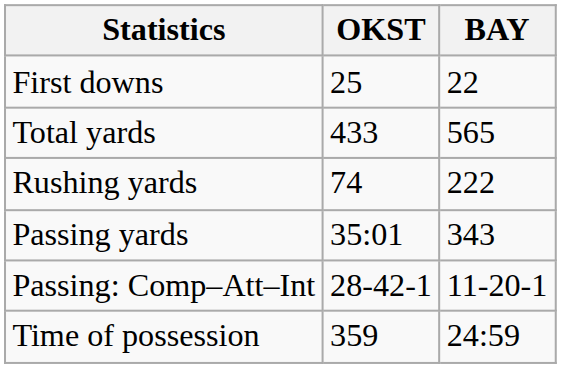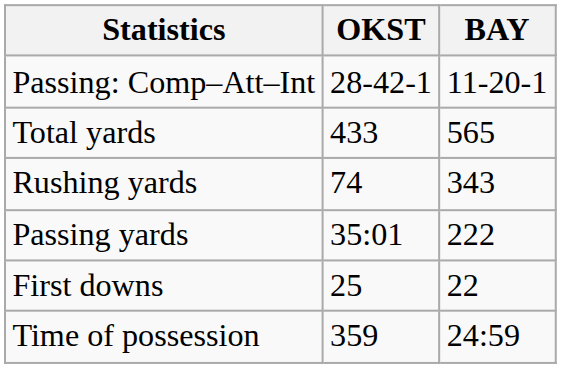 <table class="wikitable" style="float: left;">
 <tr>
 <th>Statistics</th>
 <th>OKST</th>
 <th>BAY</th>
 </tr>
 <tr>
-<td>First downs</td>
-<td>25</td>
-<td>22</td>
+<td>Passing: Comp–Att–Int</td>
+<td>28-42-1</td>
+<td>11-20-1</td>
 </tr>
 <tr>
 <td>Total yards</td>
 <td>433</td>
 <td>565</td>
 </tr>
 <tr>
 <td>Rushing yards</td>
 <td>74</td>
-<td>222</td>
+<td>343</td>
 </tr>
 <tr>
 <td>Passing yards</td>
 <td>35:01</td>
-<td>343</td>
+<td>222</td>
 </tr>
 <tr>
-<td>Passing: Comp–Att–Int</td>
-<td>28-42-1</td>
-<td>11-20-1</td>
+<td>First downs</td>
+<td>25</td>
+<td>22</td>
 </tr>
 <tr>
 <td>Time of possession</td>
 <td>359</td>
 <td>24:59</td>
 </tr>
 </table>
